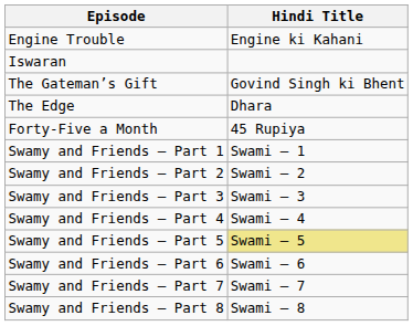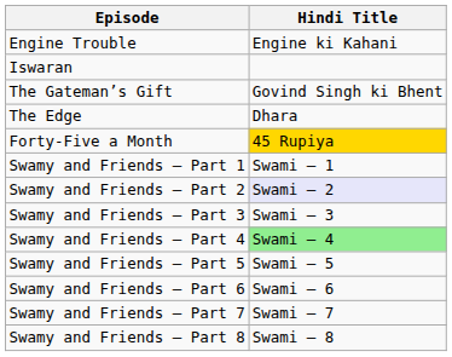 <table class="wikitable">
 <tr>
 <th>Episode</th>
 <th>Hindi Title</th>
 </tr>
 <tr>
 <td>Engine Trouble</td>
 <td>Engine ki Kahani</td>
 </tr>
 <tr>
 <td>Iswaran</td>
 <td></td>
 </tr>
 <tr>
 <td>The Gateman’s Gift</td>
 <td>Govind Singh ki Bhent</td>
 </tr>
 <tr>
 <td>The Edge</td>
 <td>Dhara</td>
 </tr>
 <tr>
 <td>Forty-Five a Month</td>
-<td>45 Rupiya</td>
+<td style="background: gold;">45 Rupiya</td>
 </tr>
 <tr>
 <td>Swamy and Friends – Part 1</td>
 <td>Swami – 1</td>
 </tr>
 <tr>
 <td>Swamy and Friends – Part 2</td>
-<td>Swami – 2</td>
+<td style="background: lavender;">Swami – 2</td>
 </tr>
 <tr>
 <td>Swamy and Friends – Part 3</td>
 <td>Swami – 3</td>
 </tr>
 <tr>
 <td>Swamy and Friends – Part 4</td>
-<td>Swami – 4</td>
+<td style="background: lightgreen;">Swami – 4</td>
 </tr>
 <tr>
 <td>Swamy and Friends – Part 5</td>
-<td style="background: khaki;">Swami – 5</td>
+<td>Swami – 5</td>
 </tr>
 <tr>
 <td>Swamy and Friends – Part 6</td>
 <td>Swami – 6</td>
 </tr>
 <tr>
 <td>Swamy and Friends – Part 7</td>
 <td>Swami – 7</td>
 </tr>
 <tr>
 <td>Swamy and Friends – Part 8</td>
 <td>Swami – 8</td>
 </tr>
 </table>
